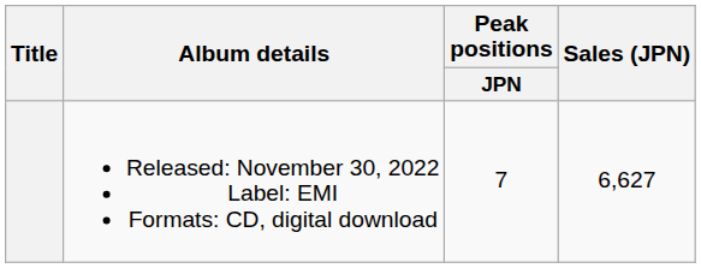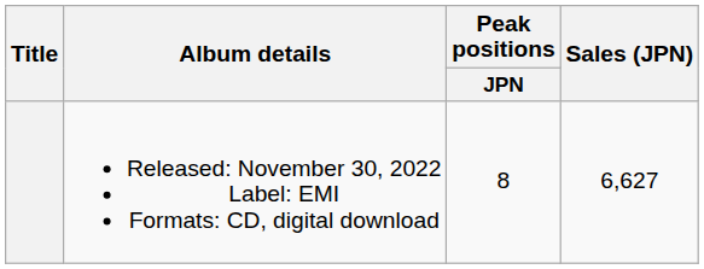 <table class="wikitable plainrowheaders" style="text-align:center;">
 <tr>
 <th scope="col" rowspan="2">Title</th>
 <th scope="col" rowspan="2">Album details</th>
 <th colspan="1">Peak positions</th>
 <th scope="col" rowspan="2">Sales (JPN)</th>
 </tr>
 <tr>
 <th scope="col" style="width:3em;font-size:90%;">JPN<br></th>
 </tr>
 <tr>
 <th scope="row"></th>
 <td><br><ul><li>Released: November 30, 2022 </li><li>Label: EMI</li><li>Formats: CD, digital download</li></ul></td>
-<td>7</td>
+<td>8</td>
 <td>6,627</td>
 </tr>
 </table>
